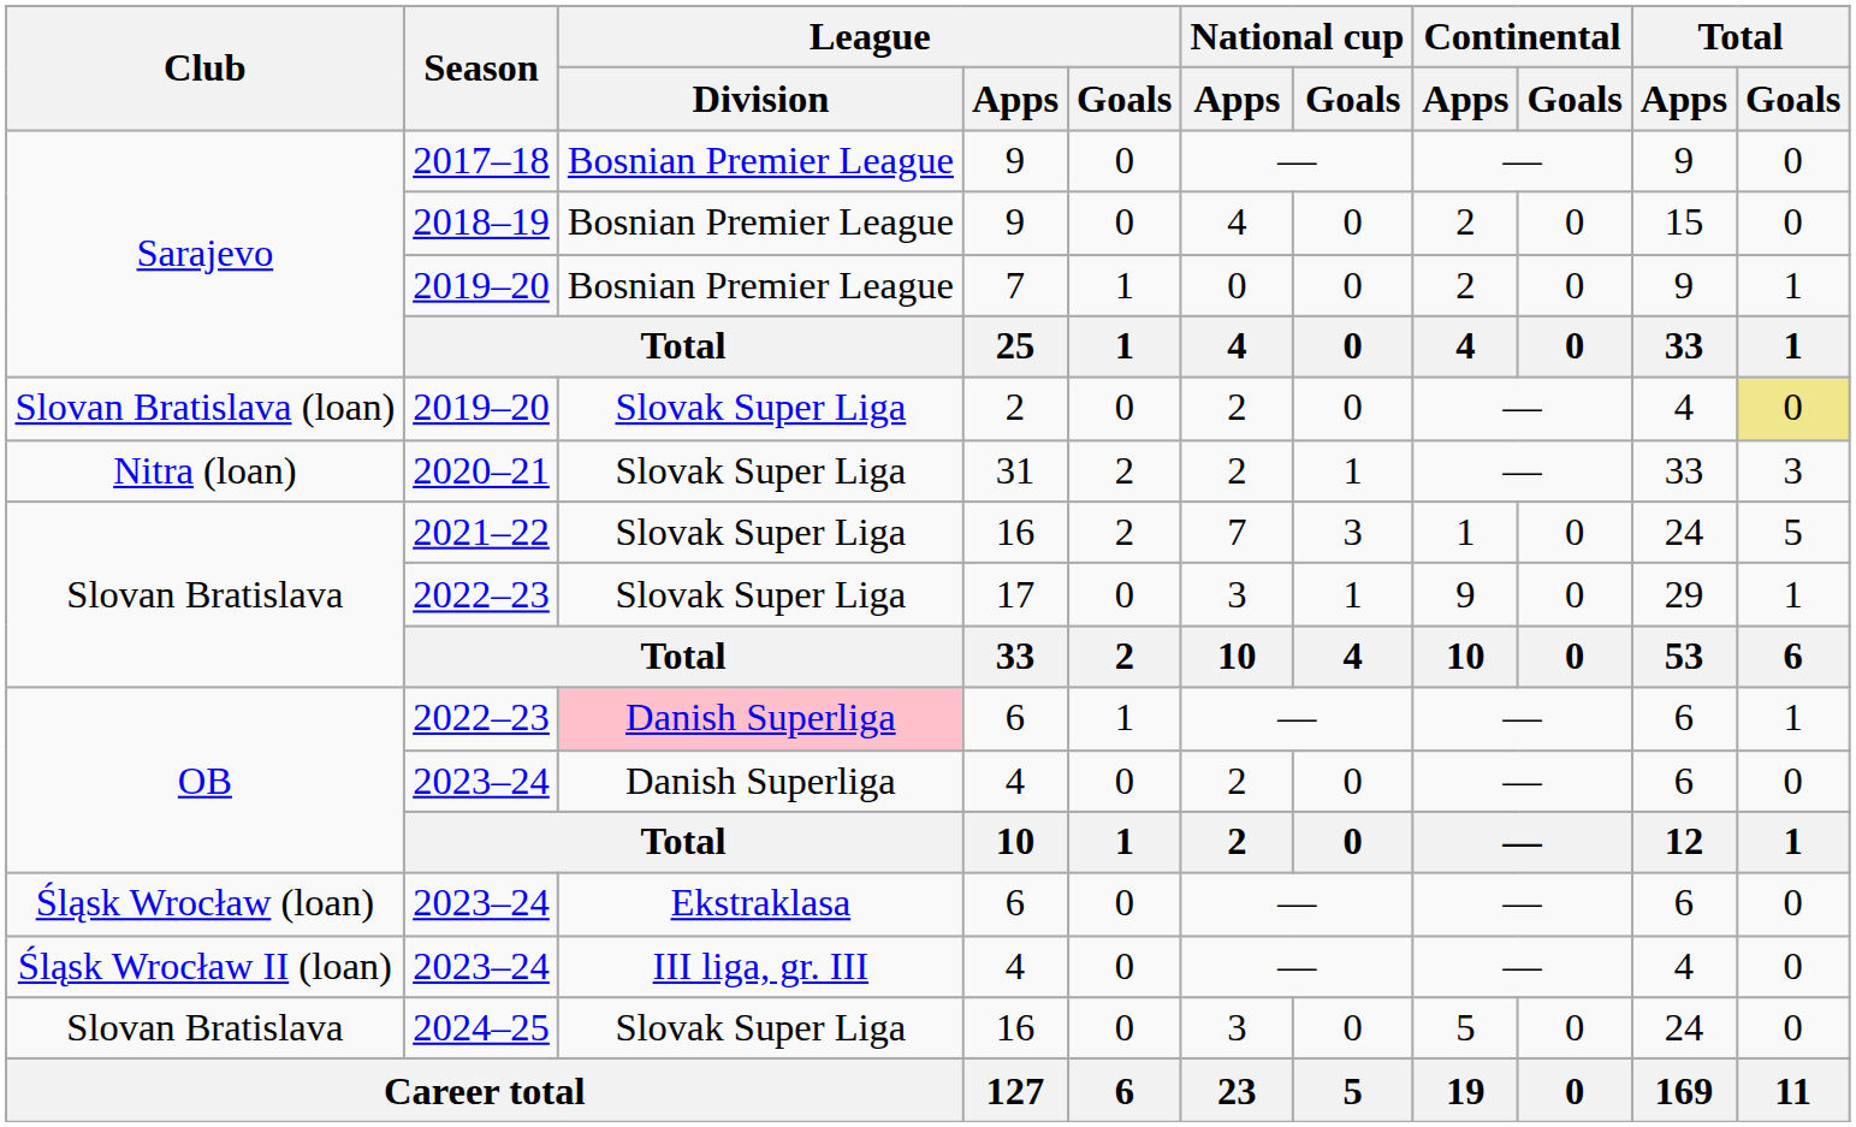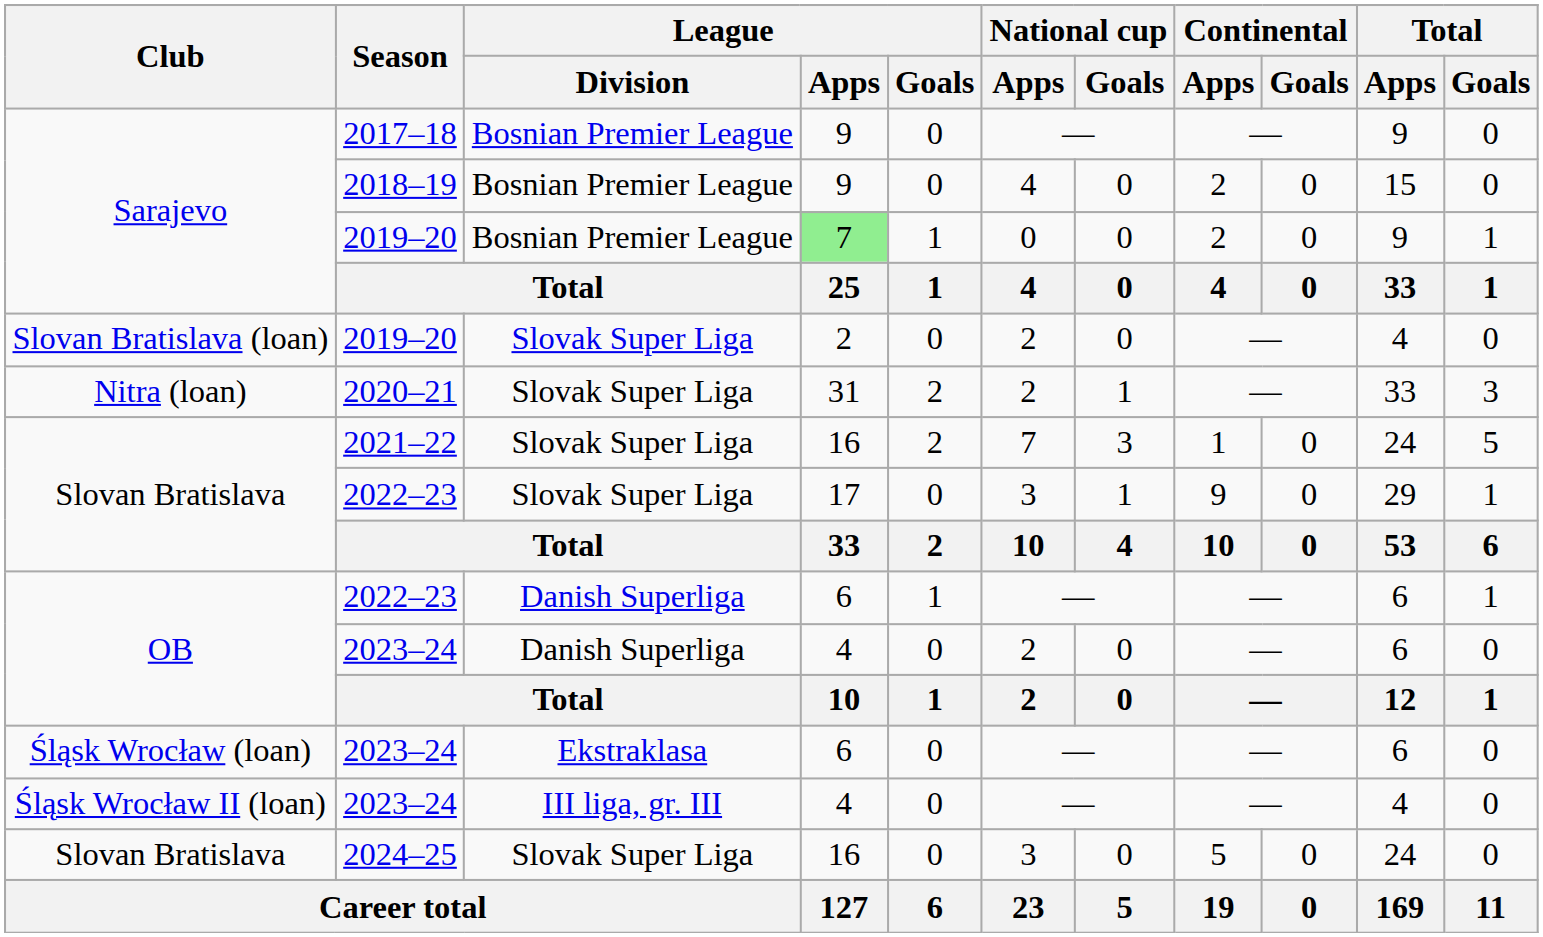 <table class="wikitable" style="text-align:center">
 <tr>
 <th rowspan=2>Club</th>
 <th rowspan=2>Season</th>
 <th colspan=3>League</th>
 <th colspan=2>National cup</th>
 <th colspan=2>Continental</th>
 <th colspan=2>Total</th>
 </tr>
 <tr>
 <th>Division</th>
 <th>Apps</th>
 <th>Goals</th>
 <th>Apps</th>
 <th>Goals</th>
 <th>Apps</th>
 <th>Goals</th>
 <th>Apps</th>
 <th>Goals</th>
 </tr>
 <tr>
 <td rowspan=4><a href='#'>Sarajevo</a></td>
 <td><a href='#'>2017–18</a></td>
 <td><a href='#'>Bosnian Premier League</a></td>
 <td>9</td>
 <td>0</td>
 <td colspan=2>—</td>
 <td colspan=2>—</td>
 <td>9</td>
 <td>0</td>
 </tr>
 <tr>
 <td><a href='#'>2018–19</a></td>
 <td>Bosnian Premier League</td>
 <td>9</td>
 <td>0</td>
 <td>4</td>
 <td>0</td>
 <td>2</td>
 <td>0</td>
 <td>15</td>
 <td>0</td>
 </tr>
 <tr>
 <td><a href='#'>2019–20</a></td>
 <td>Bosnian Premier League</td>
-<td>7</td>
+<td style="background: lightgreen;">7</td>
 <td>1</td>
 <td>0</td>
 <td>0</td>
 <td>2</td>
 <td>0</td>
 <td>9</td>
 <td>1</td>
 </tr>
 <tr>
 <th colspan=2>Total</th>
 <th>25</th>
 <th>1</th>
 <th>4</th>
 <th>0</th>
 <th>4</th>
 <th>0</th>
 <th>33</th>
 <th>1</th>
 </tr>
 <tr>
 <td><a href='#'>Slovan Bratislava</a> (loan)</td>
 <td><a href='#'>2019–20</a></td>
 <td><a href='#'>Slovak Super Liga</a></td>
 <td>2</td>
 <td>0</td>
 <td>2</td>
 <td>0</td>
 <td colspan=2>—</td>
 <td>4</td>
-<td style="background: khaki;">0</td>
+<td>0</td>
 </tr>
 <tr>
 <td><a href='#'>Nitra</a> (loan)</td>
 <td><a href='#'>2020–21</a></td>
 <td>Slovak Super Liga</td>
 <td>31</td>
 <td>2</td>
 <td>2</td>
 <td>1</td>
 <td colspan=2>—</td>
 <td>33</td>
 <td>3</td>
 </tr>
 <tr>
 <td rowspan=3>Slovan Bratislava</td>
 <td><a href='#'>2021–22</a></td>
 <td>Slovak Super Liga</td>
 <td>16</td>
 <td>2</td>
 <td>7</td>
 <td>3</td>
 <td>1</td>
 <td>0</td>
 <td>24</td>
 <td>5</td>
 </tr>
 <tr>
 <td><a href='#'>2022–23</a></td>
 <td>Slovak Super Liga</td>
 <td>17</td>
 <td>0</td>
 <td>3</td>
 <td>1</td>
 <td>9</td>
 <td>0</td>
 <td>29</td>
 <td>1</td>
 </tr>
 <tr>
 <th colspan=2>Total</th>
 <th>33</th>
 <th>2</th>
 <th>10</th>
 <th>4</th>
 <th>10</th>
 <th>0</th>
 <th>53</th>
 <th>6</th>
 </tr>
 <tr>
 <td rowspan=3><a href='#'>OB</a></td>
 <td><a href='#'>2022–23</a></td>
-<td style="background: pink;"><a href='#'>Danish Superliga</a></td>
+<td><a href='#'>Danish Superliga</a></td>
 <td>6</td>
 <td>1</td>
 <td colspan=2>—</td>
 <td colspan=2>—</td>
 <td>6</td>
 <td>1</td>
 </tr>
 <tr>
 <td><a href='#'>2023–24</a></td>
 <td>Danish Superliga</td>
 <td>4</td>
 <td>0</td>
 <td>2</td>
 <td>0</td>
 <td colspan=2>—</td>
 <td>6</td>
 <td>0</td>
 </tr>
 <tr>
 <th colspan=2>Total</th>
 <th>10</th>
 <th>1</th>
 <th>2</th>
 <th>0</th>
 <th colspan=2>—</th>
 <th>12</th>
 <th>1</th>
 </tr>
 <tr>
 <td><a href='#'>Śląsk Wrocław</a> (loan)</td>
 <td><a href='#'>2023–24</a></td>
 <td><a href='#'>Ekstraklasa</a></td>
 <td>6</td>
 <td>0</td>
 <td colspan=2>—</td>
 <td colspan=2>—</td>
 <td>6</td>
 <td>0</td>
 </tr>
 <tr>
 <td><a href='#'>Śląsk Wrocław II</a> (loan)</td>
 <td><a href='#'>2023–24</a></td>
 <td><a href='#'>III liga, gr. III</a></td>
 <td>4</td>
 <td>0</td>
 <td colspan=2>—</td>
 <td colspan=2>—</td>
 <td>4</td>
 <td>0</td>
 </tr>
 <tr>
 <td rowspan=1>Slovan Bratislava</td>
 <td><a href='#'>2024–25</a></td>
 <td>Slovak Super Liga</td>
 <td>16</td>
 <td>0</td>
 <td>3</td>
 <td>0</td>
 <td>5</td>
 <td>0</td>
 <td>24</td>
 <td>0</td>
 </tr>
 <tr>
 <th colspan=3>Career total</th>
 <th>127</th>
 <th>6</th>
 <th>23</th>
 <th>5</th>
 <th>19</th>
 <th>0</th>
 <th>169</th>
 <th>11</th>
 </tr>
 </table>
